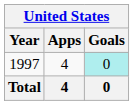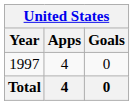 <table class="wikitable" style="text-align:center">
 <tr>
 <th colspan=3><a href='#'>United States</a></th>
 </tr>
 <tr>
 <th>Year</th>
 <th>Apps</th>
 <th>Goals</th>
 </tr>
 <tr>
 <td>1997</td>
 <td>4</td>
-<td style="background: paleturquoise;">0</td>
+<td>0</td>
 </tr>
 <tr>
 <th>Total</th>
 <th>4</th>
 <th>0</th>
 </tr>
 </table>
